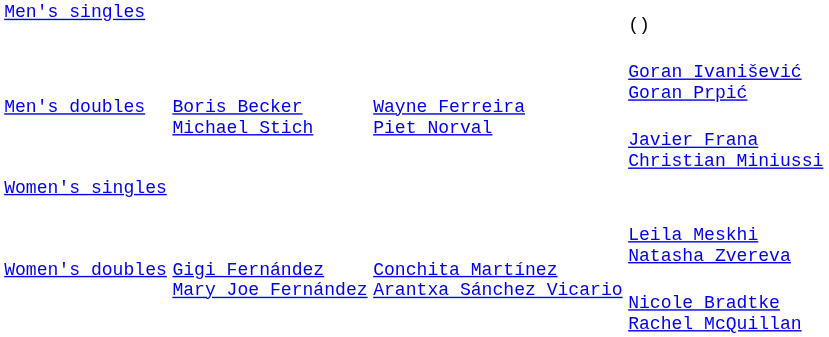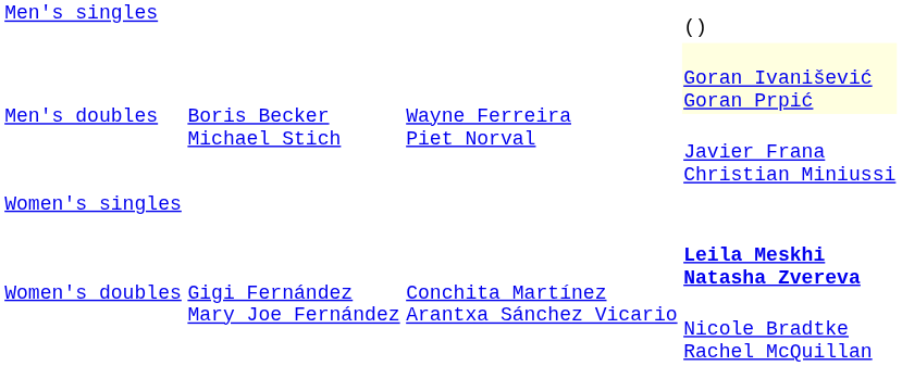 <table>
 <tr>
 <td rowspan=2><a href='#'>Men's singles</a></td>
 <td rowspan=2></td>
 <td rowspan=2></td>
 <td></td>
 </tr>
 <tr>
 <td><br>()</td>
 </tr>
 <tr>
 <td rowspan=2><a href='#'>Men's doubles</a></td>
 <td rowspan=2><br><a href='#'>Boris Becker</a><br><a href='#'>Michael Stich</a></td>
 <td rowspan=2><br><a href='#'>Wayne Ferreira</a><br><a href='#'>Piet Norval</a></td>
-<td><br><a href='#'>Goran Ivanišević</a><br><a href='#'>Goran Prpić</a></td>
+<td style="background: lightyellow;"><br><a href='#'>Goran Ivanišević</a><br><a href='#'>Goran Prpić</a></td>
 </tr>
 <tr>
 <td><br><a href='#'>Javier Frana</a><br><a href='#'>Christian Miniussi</a></td>
 </tr>
 <tr>
 <td rowspan=2><a href='#'>Women's singles</a></td>
 <td rowspan=2></td>
 <td rowspan=2></td>
 <td></td>
 </tr>
 <tr>
 <td></td>
 </tr>
 <tr>
 <td rowspan=2><a href='#'>Women's doubles</a></td>
 <td rowspan=2><br><a href='#'>Gigi Fernández</a><br><a href='#'>Mary Joe Fernández</a></td>
 <td rowspan=2><br><a href='#'>Conchita Martínez</a><br><a href='#'>Arantxa Sánchez Vicario</a></td>
-<td><br><a href='#'>Leila Meskhi</a><br><a href='#'>Natasha Zvereva</a></td>
+<td><strong><br><a href='#'>Leila Meskhi</a><br><a href='#'>Natasha Zvereva</a></strong></td>
 </tr>
 <tr>
 <td><br><a href='#'>Nicole Bradtke</a><br><a href='#'>Rachel McQuillan</a></td>
 </tr>
 </table>
